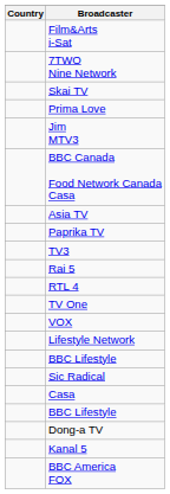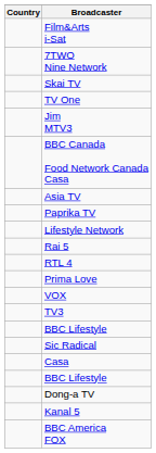 <table class="wikitable">
 <tr>
 </tr>
 <tr style="font-size:10pt;font-weight:bold">
 <th>Country</th>
 <th>Broadcaster</th>
 </tr>
 <tr>
 <td></td>
 <td><a href='#'>Film&Arts</a><br><a href='#'>i-Sat</a></td>
 </tr>
 <tr>
 <td></td>
 <td><a href='#'>7TWO</a><br><a href='#'>Nine Network</a><br></td>
 </tr>
 <tr>
 <td></td>
 <td><a href='#'>Skai TV</a></td>
 </tr>
 <tr>
 <td></td>
-<td><a href='#'>Prima Love</a></td>
+<td><a href='#'>TV One</a></td>
 </tr>
 <tr>
 <td></td>
 <td><a href='#'>Jim</a><br><a href='#'>MTV3</a></td>
 </tr>
 <tr>
 <td></td>
 <td><a href='#'>BBC Canada</a><br><br> <a href='#'>Food Network Canada</a><br><a href='#'>Casa</a></td>
 </tr>
 <tr>
 <td></td>
 <td><a href='#'>Asia TV</a></td>
 </tr>
 <tr>
 <td></td>
 <td><a href='#'>Paprika TV</a></td>
 </tr>
 <tr>
 <td></td>
-<td><a href='#'>TV3</a></td>
+<td><a href='#'>Lifestyle Network</a></td>
 </tr>
 <tr>
 <td></td>
 <td><a href='#'>Rai 5</a></td>
 </tr>
 <tr>
 <td></td>
 <td><a href='#'>RTL 4</a></td>
 </tr>
 <tr>
 <td></td>
-<td><a href='#'>TV One</a></td>
+<td><a href='#'>Prima Love</a></td>
 </tr>
 <tr>
 <td></td>
 <td><a href='#'>VOX</a></td>
 </tr>
 <tr>
 <td></td>
-<td><a href='#'>Lifestyle Network</a></td>
+<td><a href='#'>TV3</a></td>
 </tr>
 <tr>
 <td></td>
 <td><a href='#'>BBC Lifestyle</a></td>
 </tr>
 <tr>
 <td></td>
 <td><a href='#'>Sic Radical</a></td>
 </tr>
 <tr>
 <td></td>
 <td><a href='#'>Casa</a></td>
 </tr>
 <tr>
 <td></td>
 <td><a href='#'>BBC Lifestyle</a></td>
 </tr>
 <tr>
 <td></td>
 <td>Dong-a TV</td>
 </tr>
 <tr>
 <td></td>
 <td><a href='#'>Kanal 5</a></td>
 </tr>
 <tr>
 <td></td>
 <td><a href='#'>BBC America</a><br><a href='#'>FOX</a></td>
 </tr>
 </table>
